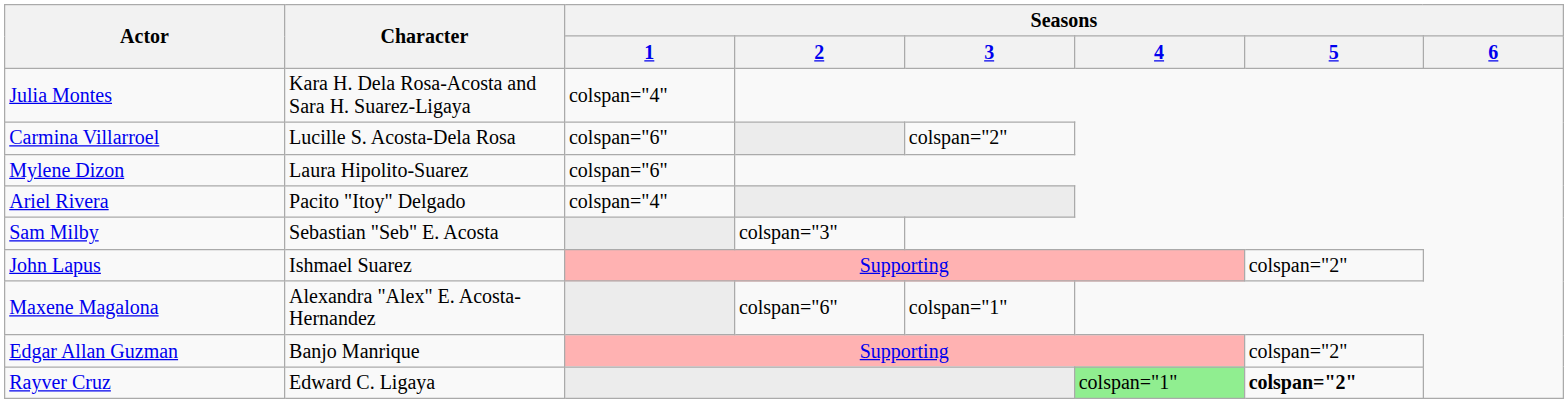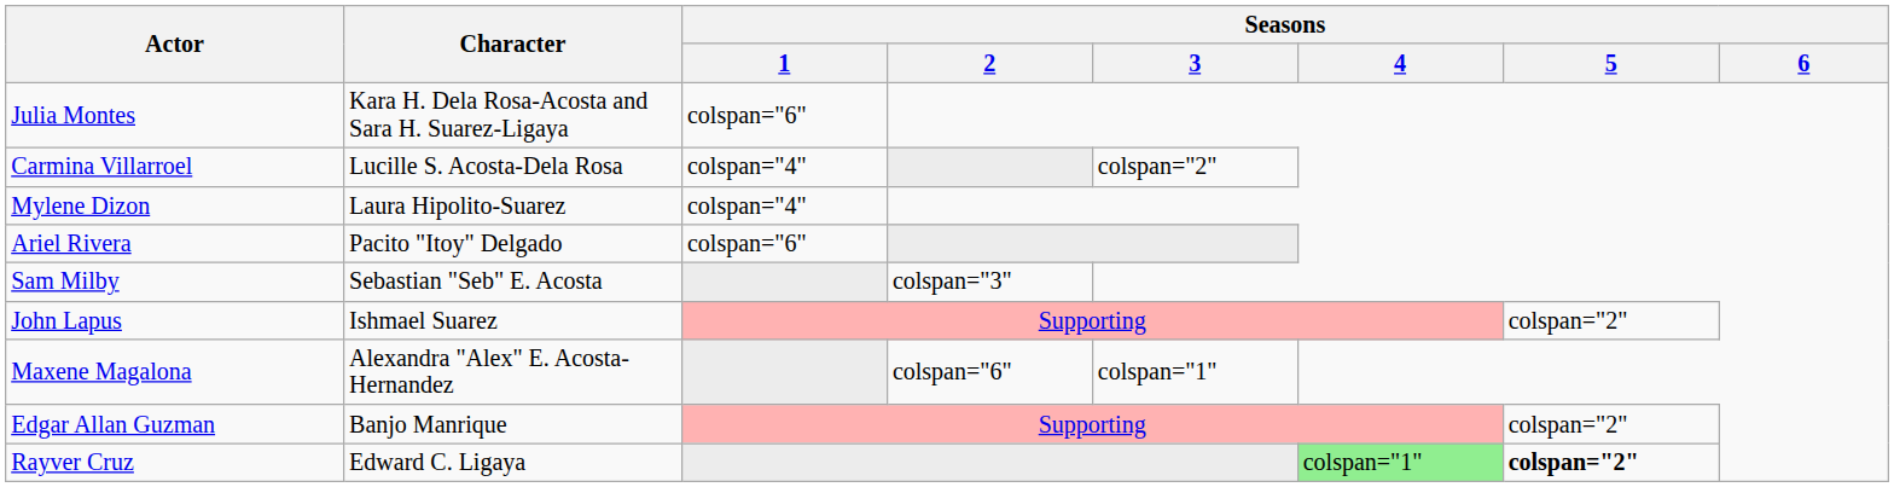 <table class="wikitable">
 <tr>
 <th style="width:10%;" rowspan="2">Actor</th>
 <th style="width:10%;" rowspan="2">Character</th>
 <th colspan="12">Seasons</th>
 </tr>
 <tr>
 <th style="width:5%;"><a href='#'>1</a></th>
 <th style="width:5%;"><a href='#'>2</a></th>
 <th style="width:5%;"><a href='#'>3</a></th>
 <th style="width:5%;"><a href='#'>4</a></th>
 <th style="width:5%;"><a href='#'>5</a></th>
 <th style="width:5%;"><a href='#'>6</a></th>
 </tr>
 <tr>
 <td><a href='#'>Julia Montes</a></td>
 <td>Kara H. Dela Rosa-Acosta and Sara H. Suarez-Ligaya</td>
-<td>colspan="4" </td>
+<td>colspan="6" </td>
 </tr>
 <tr>
 <td><a href='#'>Carmina Villarroel</a></td>
 <td>Lucille S. Acosta-Dela Rosa</td>
-<td>colspan="6" </td>
+<td>colspan="4" </td>
 <td colspan="1" style="Background: #ececec; color: grey; vertical-align: middle; text-align: center; " class="table-na"></td>
 <td>colspan="2" </td>
 </tr>
 <tr>
 <td><a href='#'>Mylene Dizon</a></td>
 <td>Laura Hipolito-Suarez</td>
-<td>colspan="6" </td>
+<td>colspan="4" </td>
 </tr>
 <tr>
 <td><a href='#'>Ariel Rivera</a></td>
 <td>Pacito "Itoy" Delgado</td>
-<td>colspan="4" </td>
+<td>colspan="6" </td>
 <td colspan="2" style="background: #ececec; color: grey; vertical-align: middle; text-align: center; " class="table-na"></td>
 </tr>
 <tr>
 <td><a href='#'>Sam Milby</a></td>
 <td>Sebastian "Seb" E. Acosta</td>
 <td colspan="1" style="background: #ececec; color: grey; vertical-align: middle; text-align: center; " class="table-na"></td>
 <td>colspan="3" </td>
 </tr>
 <tr>
 <td><a href='#'>John Lapus</a></td>
 <td>Ishmael Suarez</td>
 <td colspan="4" style="background: #ffb2b2"  align="center"><a href='#'>Supporting</a></td>
 <td>colspan="2" </td>
 </tr>
 <tr>
 <td><a href='#'>Maxene Magalona</a></td>
 <td>Alexandra "Alex" E. Acosta-Hernandez</td>
 <td colspan="1" style="background: #ececec; color: grey; vertical-align: middle; text-align: center; " class="table-na"></td>
 <td>colspan="6" </td>
 <td>colspan="1" </td>
 </tr>
 <tr>
 <td><a href='#'>Edgar Allan Guzman</a></td>
 <td>Banjo Manrique</td>
 <td colspan="4" style="background: #ffb2b2" align="center"><a href='#'>Supporting</a></td>
 <td>colspan="2" </td>
 </tr>
 <tr>
 <td><a href='#'>Rayver Cruz</a></td>
 <td>Edward C. Ligaya</td>
 <td colspan="3" style="background: #ececec; color: grey; vertical-align: middle; text-align: center; " class="table-na"></td>
 <td style="background: lightgreen;">colspan="1" </td>
 <td><strong>colspan="2" </strong></td>
 </tr>
 </table>
